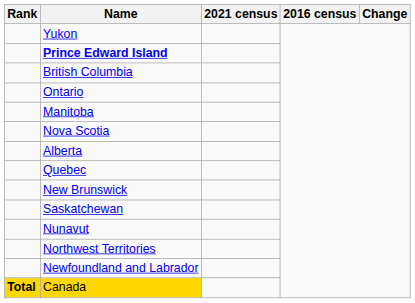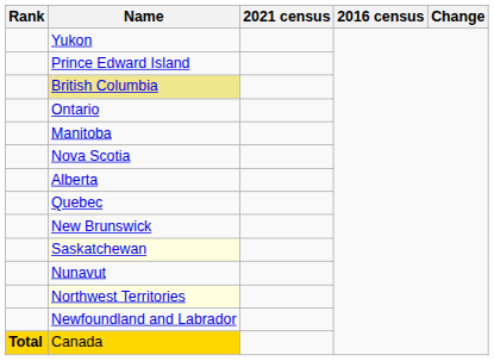 <table class="wikitable sortable">
 <tr>
 <th>Rank</th>
 <th>Name</th>
 <th>2021 census</th>
 <th>2016 census</th>
 <th>Change</th>
 </tr>
 <tr>
 <td align=center></td>
 <td align="left"><a href='#'>Yukon</a></td>
 <td></td>
 </tr>
 <tr>
 <td align=center></td>
-<td align="left"><strong><a href='#'>Prince Edward Island</a></strong></td>
+<td align="left"><a href='#'>Prince Edward Island</a></td>
 <td></td>
 </tr>
 <tr>
 <td align=center></td>
-<td align="left"><a href='#'>British Columbia</a></td>
+<td align="left" style="background: khaki;"><a href='#'>British Columbia</a></td>
 <td></td>
 </tr>
 <tr>
 <td align=center></td>
 <td align="left"><a href='#'>Ontario</a></td>
 <td></td>
 </tr>
 <tr>
 <td align=center></td>
 <td align="left"><a href='#'>Manitoba</a></td>
 <td></td>
 </tr>
 <tr>
 <td align=center></td>
 <td align="left"><a href='#'>Nova Scotia</a></td>
 <td></td>
 </tr>
 <tr>
 <td align=center></td>
 <td align="left"><a href='#'>Alberta</a></td>
 <td></td>
 </tr>
 <tr>
 <td align=center></td>
 <td align="left"><a href='#'>Quebec</a></td>
 <td></td>
 </tr>
 <tr>
 <td align=center></td>
 <td align="left"><a href='#'>New Brunswick</a></td>
 <td></td>
 </tr>
 <tr>
 <td align=center></td>
-<td align="left"><a href='#'>Saskatchewan</a></td>
+<td align="left" style="background: lightyellow;"><a href='#'>Saskatchewan</a></td>
 <td></td>
 </tr>
 <tr>
 <td align=center></td>
 <td align="left"><a href='#'>Nunavut</a></td>
 <td></td>
 </tr>
 <tr>
 <td align=center></td>
-<td align="left"><a href='#'>Northwest Territories</a></td>
+<td align="left" style="background: lightyellow;"><a href='#'>Northwest Territories</a></td>
 <td></td>
 </tr>
 <tr>
 <td align=center></td>
 <td align="left"><a href='#'>Newfoundland and Labrador</a></td>
 <td></td>
 </tr>
 <tr class="sortbottom">
 <td bgcolor="gold"><strong>Total</strong></td>
 <td bgcolor="gold" align="left">Canada</td>
 <td></td>
 </tr>
 </table>
